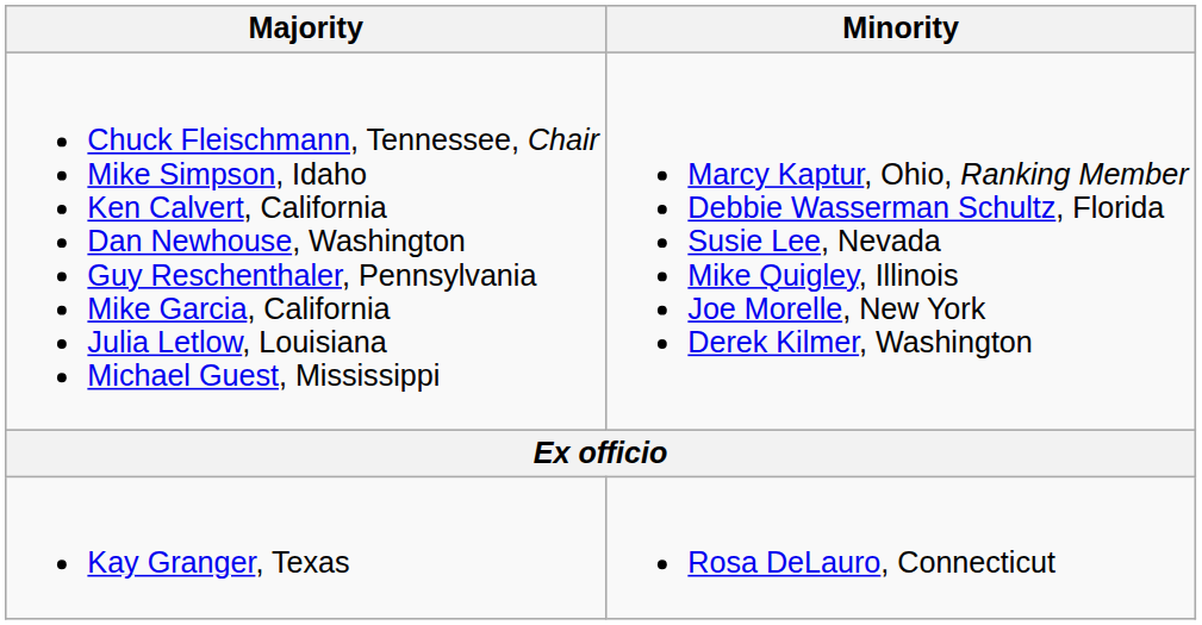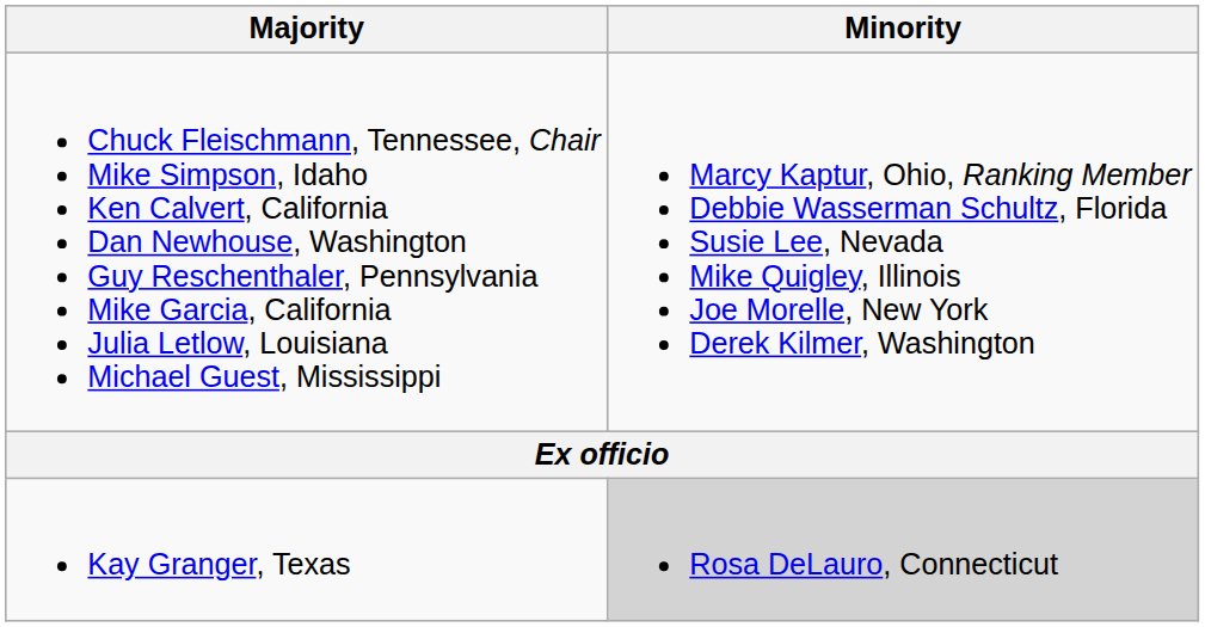 <table class=wikitable>
 <tr>
 <th>Majority</th>
 <th>Minority</th>
 </tr>
 <tr>
 <td><br><ul><li><a href='#'>Chuck Fleischmann</a>, Tennessee, <em>Chair</em></li><li><a href='#'>Mike Simpson</a>, Idaho</li><li><a href='#'>Ken Calvert</a>, California</li><li><a href='#'>Dan Newhouse</a>, Washington</li><li><a href='#'>Guy Reschenthaler</a>, Pennsylvania</li><li><a href='#'>Mike Garcia</a>, California</li><li><a href='#'>Julia Letlow</a>, Louisiana</li><li><a href='#'>Michael Guest</a>, Mississippi</li></ul></td>
 <td><br><ul><li><a href='#'>Marcy Kaptur</a>, Ohio, <em>Ranking Member</em></li><li><a href='#'>Debbie Wasserman Schultz</a>, Florida</li><li><a href='#'>Susie Lee</a>, Nevada</li><li><a href='#'>Mike Quigley</a>, Illinois</li><li><a href='#'>Joe Morelle</a>, New York</li><li><a href='#'>Derek Kilmer</a>, Washington</li></ul></td>
 </tr>
 <tr>
 <th colspan=2><em>Ex officio</em></th>
 </tr>
 <tr>
 <td><br><ul><li><a href='#'>Kay Granger</a>, Texas</li></ul></td>
-<td><br><ul><li><a href='#'>Rosa DeLauro</a>, Connecticut</li></ul></td>
+<td style="background: lightgrey;"><br><ul><li><a href='#'>Rosa DeLauro</a>, Connecticut</li></ul></td>
 </tr>
 </table>
